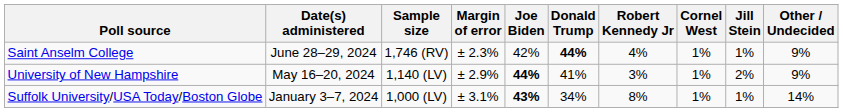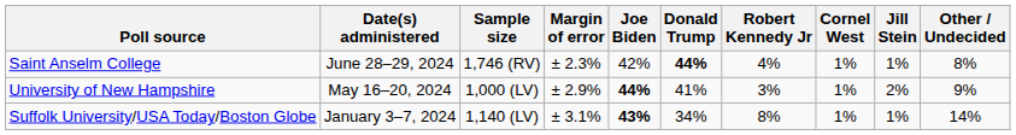 <table class="wikitable sortable mw-datatable" style="font-size:90%;text-align:center;line-height:17px">
 <tr valign=bottom>
 <th>Poll source</th>
 <th>Date(s)<br>administered</th>
 <th>Sample<br>size</th>
 <th>Margin<br>of error</th>
 <th class="unsortable">Joe<br>Biden<br></th>
 <th class="unsortable">Donald<br>Trump<br></th>
 <th class="unsortable">Robert<br>Kennedy Jr<br></th>
 <th class="unsortable">Cornel<br>West<br></th>
 <th class="unsortable">Jill<br>Stein<br></th>
 <th class="unsortable">Other /<br>Undecided</th>
 </tr>
 <tr>
 <td style="text-align:left;"><a href='#'>Saint Anselm College</a></td>
 <td data-sort-value="2024-07-01">June 28–29, 2024</td>
 <td>1,746 (RV)</td>
 <td>± 2.3%</td>
 <td>42%</td>
 <td style="background-color:"><strong>44%</strong></td>
 <td>4%</td>
 <td>1%</td>
 <td>1%</td>
-<td>9%</td>
+<td>8%</td>
 </tr>
 <tr>
 <td style="text-align:left;"><a href='#'>University of New Hampshire</a></td>
 <td data-sort-value="2024-05-23">May 16–20, 2024</td>
-<td>1,140 (LV)</td>
+<td>1,000 (LV)</td>
 <td>± 2.9%</td>
 <td style="color:black;background-color:"><strong>44%</strong></td>
 <td>41%</td>
 <td>3%</td>
 <td>1%</td>
 <td>2%</td>
 <td>9%</td>
 </tr>
 <tr>
 <td style="text-align:left;"><a href='#'>Suffolk University</a>/<a href='#'>USA Today</a>/<a href='#'>Boston Globe</a></td>
 <td data-sort-value="2024-01-07">January 3–7, 2024</td>
-<td>1,000 (LV)</td>
+<td>1,140 (LV)</td>
 <td>± 3.1%</td>
 <td style="color:black;background-color:"><strong>43%</strong></td>
 <td>34%</td>
 <td>8%</td>
 <td>1%</td>
 <td>1%</td>
 <td>14%</td>
 </tr>
 </table>
